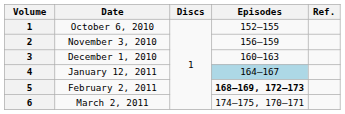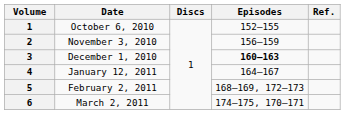 <table class="wikitable" style="text-align:center;">
 <tr>
 <th scope="col" style="width:5em;">Volume</th>
 <th scope="col" style="width:12em;">Date</th>
 <th scope="col" style="width:4em;">Discs</th>
 <th scope="col" style="width:10em;">Episodes</th>
 <th scope="col" style="width:3em;">Ref.</th>
 </tr>
 <tr>
 <th scope="row">1</th>
 <td>October 6, 2010</td>
 <td rowspan="6">1</td>
 <td>152–155</td>
 <td></td>
 </tr>
 <tr>
 <th scope="row">2</th>
 <td>November 3, 2010</td>
 <td>156–159</td>
 <td></td>
 </tr>
 <tr>
 <th scope="row">3</th>
 <td>December 1, 2010</td>
-<td>160–163</td>
+<td><strong>160–163</strong></td>
 <td></td>
 </tr>
 <tr>
 <th scope="row">4</th>
 <td>January 12, 2011</td>
-<td style="background: lightblue;">164–167</td>
+<td>164–167</td>
 <td></td>
 </tr>
 <tr>
 <th scope="row">5</th>
 <td>February 2, 2011</td>
-<td><strong>168–169, 172–173</strong></td>
+<td>168–169, 172–173</td>
 <td></td>
 </tr>
 <tr>
 <th scope="row">6</th>
 <td>March 2, 2011</td>
 <td>174–175, 170–171</td>
 <td></td>
 </tr>
 </table>
